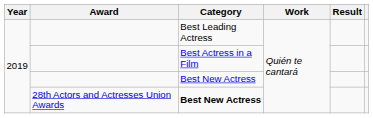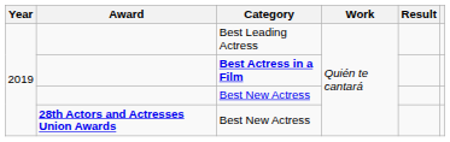 <table class="wikitable sortable">
 <tr>
 <th>Year</th>
 <th>Award</th>
 <th>Category</th>
 <th>Work</th>
 <th>Result</th>
 <th scope="col" class="unsortable"></th>
 </tr>
 <tr>
 <td rowspan = 4 align = "center">2019</td>
 <td rowspan = 1></td>
 <td>Best Leading Actress</td>
 <td rowspan = "4"><em>Quién te cantará</em></td>
 <td></td>
 <td align = "center"></td>
 </tr>
 <tr>
 <td rowspan=  1></td>
-<td><a href='#'>Best Actress in a Film</a></td>
+<td><strong><a href='#'>Best Actress in a Film</a></strong></td>
 <td></td>
 <td align = "center"></td>
 </tr>
 <tr>
 <td rowspan=  1></td>
 <td><a href='#'>Best New Actress</a></td>
 <td></td>
 <td align = "center"></td>
 </tr>
 <tr>
-<td><a href='#'>28th Actors and Actresses Union Awards</a></td>
-<td><strong>Best New Actress</strong></td>
+<td><strong><a href='#'>28th Actors and Actresses Union Awards</a></strong></td>
+<td>Best New Actress</td>
 <td></td>
 <td align = "center"></td>
 </tr>
 </table>
